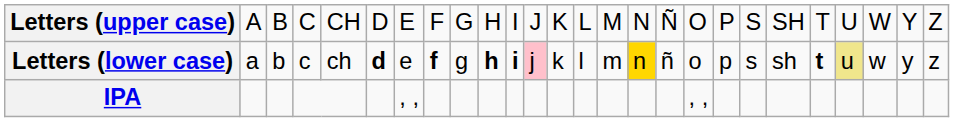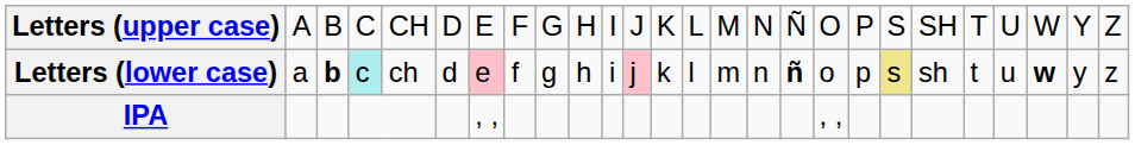 <table class="wikitable">
 <tr>
 <th>Letters (<a href='#'>upper case</a>)</th>
 <td>A</td>
 <td>B</td>
 <td>C</td>
 <td>CH</td>
 <td>D</td>
 <td>E</td>
 <td>F</td>
 <td>G</td>
 <td>H</td>
 <td>I</td>
 <td>J</td>
 <td>K</td>
 <td>L</td>
 <td>M</td>
 <td>N</td>
 <td>Ñ</td>
 <td>O</td>
 <td>P</td>
 <td>S</td>
 <td>SH</td>
 <td>T</td>
 <td>U</td>
 <td>W</td>
 <td>Y</td>
 <td>Z</td>
 </tr>
 <tr>
 <th>Letters (<a href='#'>lower case</a>)</th>
 <td>a</td>
-<td>b</td>
-<td>c</td>
+<td><strong>b</strong></td>
+<td style="background: paleturquoise;">c</td>
 <td>ch</td>
-<td><strong>d</strong></td>
-<td>e</td>
-<td><strong>f</strong></td>
+<td>d</td>
+<td style="background: pink;">e</td>
+<td>f</td>
 <td>g</td>
-<td><strong>h</strong></td>
-<td><strong>i</strong></td>
+<td>h</td>
+<td>i</td>
 <td style="background: pink;">j</td>
 <td>k</td>
 <td>l</td>
 <td>m</td>
-<td style="background: gold;">n</td>
-<td>ñ</td>
+<td>n</td>
+<td><strong>ñ</strong></td>
 <td>o</td>
 <td>p</td>
-<td>s</td>
+<td style="background: khaki;">s</td>
 <td>sh</td>
-<td><strong>t</strong></td>
-<td style="background: khaki;">u</td>
-<td>w</td>
+<td>t</td>
+<td>u</td>
+<td><strong>w</strong></td>
 <td>y</td>
 <td>z</td>
 </tr>
 <tr>
 <th><a href='#'>IPA</a></th>
 <td></td>
 <td></td>
 <td colspan="2"></td>
 <td></td>
 <td>, , </td>
 <td></td>
 <td></td>
 <td></td>
 <td></td>
 <td></td>
 <td></td>
 <td></td>
 <td></td>
 <td></td>
 <td></td>
 <td>, , </td>
 <td></td>
 <td></td>
 <td></td>
 <td></td>
 <td></td>
 <td></td>
 <td></td>
 <td></td>
 </tr>
 </table>
